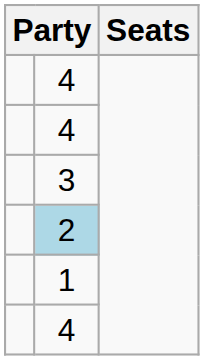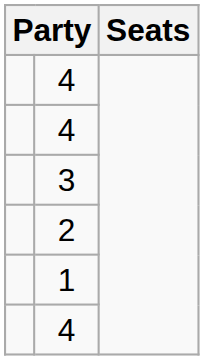 <table class="wikitable" style="font-size: 95%;">
 <tr>
 <th colspan=2>Party</th>
 <th>Seats</th>
 </tr>
 <tr>
 <td></td>
 <td align="center">4</td>
 </tr>
 <tr>
 <td></td>
 <td align="center">4</td>
 </tr>
 <tr>
 <td></td>
 <td align="center">3</td>
 </tr>
 <tr>
 <td></td>
-<td align="center" style="background: lightblue;">2</td>
+<td align="center">2</td>
 </tr>
 <tr>
 <td></td>
 <td align="center">1</td>
 </tr>
 <tr>
 <td></td>
 <td align="center">4</td>
 </tr>
 </table>
